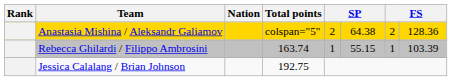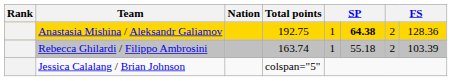 <table class="wikitable sortable" style="text-align:left">
 <tr>
 <th scope="col">Rank</th>
 <th scope="col">Team</th>
 <th scope="col">Nation</th>
 <th scope="col">Total points</th>
 <th scope="col" colspan="2" width="80px"><a href='#'>SP</a></th>
 <th scope="col" colspan="2" width="80px"><a href='#'>FS</a></th>
 </tr>
 <tr bgcolor="gold">
 <th scope="row"></th>
 <td><a href='#'>Anastasia Mishina</a> / <a href='#'>Aleksandr Galiamov</a></td>
 <td></td>
-<td>colspan="5" </td>
-<td align="center">2</td>
-<td align="center">64.38</td>
+<td align="center">192.75</td>
+<td align="center">1</td>
+<td align="center"><strong>64.38</strong></td>
 <td align="center">2</td>
 <td align="center">128.36</td>
 </tr>
 <tr bgcolor="silver">
 <th scope="row"></th>
 <td><a href='#'>Rebecca Ghilardi</a> / <a href='#'>Filippo Ambrosini</a></td>
 <td></td>
 <td align="center">163.74</td>
 <td align="center">1</td>
-<td align="center">55.15</td>
-<td align="center">1</td>
+<td align="center">55.18</td>
+<td align="center">2</td>
 <td align="center">103.39</td>
 </tr>
 <tr>
 <th scope="row"></th>
 <td><a href='#'>Jessica Calalang</a> / <a href='#'>Brian Johnson</a></td>
 <td></td>
-<td align="center">192.75</td>
+<td>colspan="5" </td>
 </tr>
 </table>
